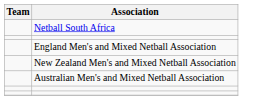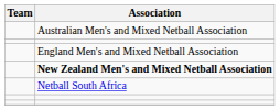 <table class="wikitable collapsible">
 <tr>
 <th>Team</th>
 <th>Association</th>
 </tr>
 <tr>
 <td></td>
-<td><a href='#'>Netball South Africa</a></td>
+<td>Australian Men's and Mixed Netball Association</td>
 </tr>
 <tr>
 <td></td>
 <td></td>
 </tr>
 <tr>
 <td></td>
 <td>England Men's and Mixed Netball Association</td>
 </tr>
 <tr>
 <td></td>
-<td>New Zealand Men's and Mixed Netball Association</td>
+<td><strong>New Zealand Men's and Mixed Netball Association</strong></td>
 </tr>
 <tr>
 <td></td>
-<td>Australian Men's and Mixed Netball Association</td>
+<td><a href='#'>Netball South Africa</a></td>
 </tr>
 <tr>
 <td></td>
 <td></td>
 </tr>
 <tr>
 <td></td>
 <td></td>
 </tr>
 <tr>
 </tr>
 </table>
